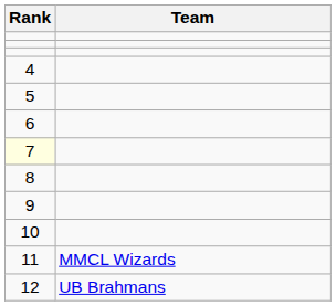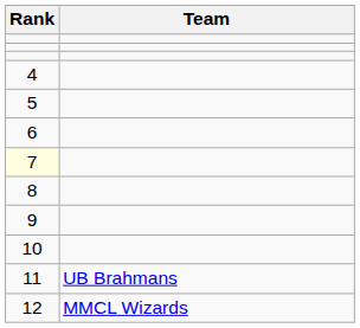 <table class="wikitable" style="text-align: center;">
 <tr>
 <th width=>Rank</th>
 <th width=250>Team</th>
 </tr>
 <tr>
 <td></td>
 <td align="left"></td>
 </tr>
 <tr>
 <td></td>
 <td align="left"></td>
 </tr>
 <tr>
 <td></td>
 <td align="left"></td>
 </tr>
 <tr>
 <td>4</td>
 <td align="left"></td>
 </tr>
 <tr>
 <td>5</td>
 <td align="left"></td>
 </tr>
 <tr>
 <td>6</td>
 <td align="left"></td>
 </tr>
 <tr>
 <td style="background: lightyellow;">7</td>
 <td align="left"></td>
 </tr>
 <tr>
 <td>8</td>
 <td align="left"></td>
 </tr>
 <tr>
 <td>9</td>
 <td align="left"></td>
 </tr>
 <tr>
 <td>10</td>
 <td align="left"></td>
 </tr>
 <tr>
 <td>11</td>
-<td align="left"> <a href='#'>MMCL Wizards</a></td>
+<td align="left"> <a href='#'>UB Brahmans</a></td>
 </tr>
 <tr>
 <td>12</td>
-<td align="left"> <a href='#'>UB Brahmans</a></td>
+<td align="left"> <a href='#'>MMCL Wizards</a></td>
 </tr>
 </table>
